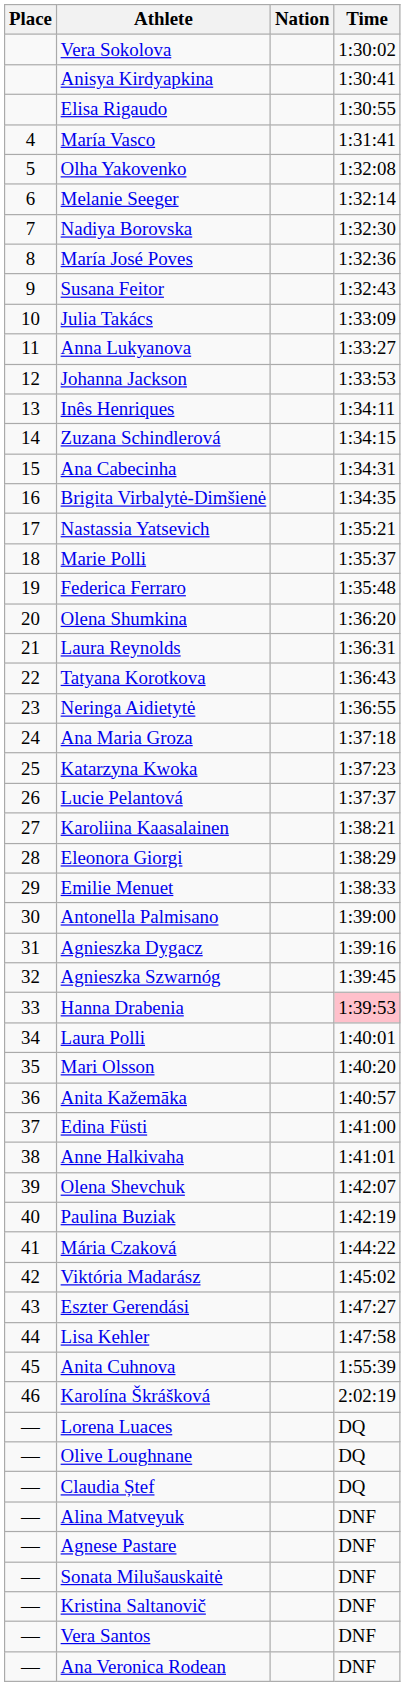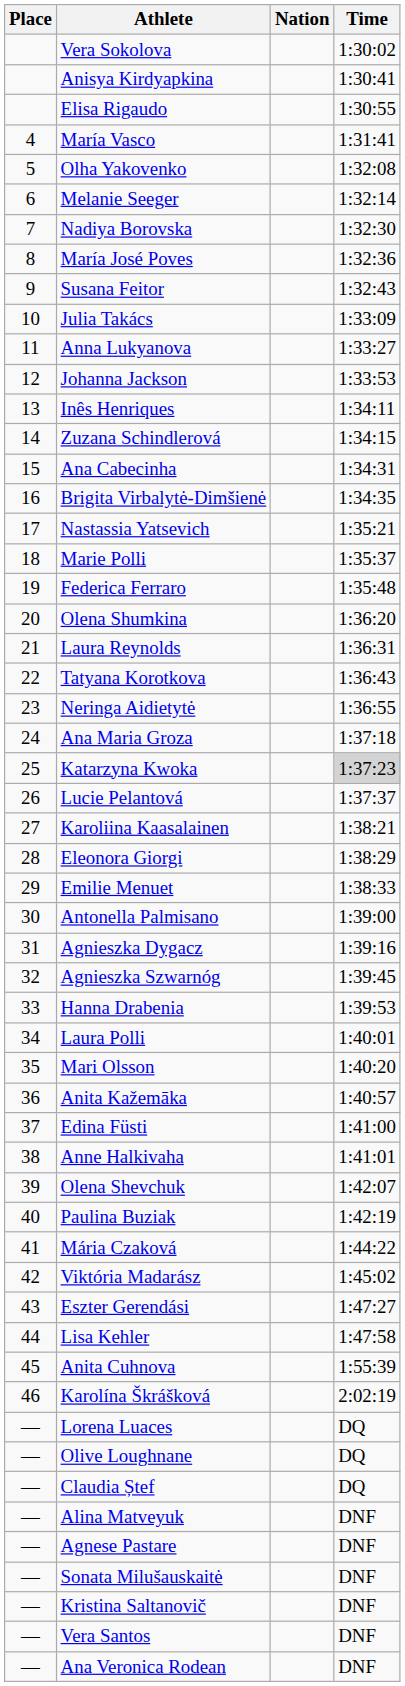 <table class="wikitable sortable">
 <tr>
 <th>Place</th>
 <th>Athlete</th>
 <th>Nation</th>
 <th>Time</th>
 </tr>
 <tr>
 <td align=center></td>
 <td><a href='#'>Vera Sokolova</a></td>
 <td></td>
 <td>1:30:02</td>
 </tr>
 <tr>
 <td align=center></td>
 <td><a href='#'>Anisya Kirdyapkina</a></td>
 <td></td>
 <td>1:30:41</td>
 </tr>
 <tr>
 <td align=center></td>
 <td><a href='#'>Elisa Rigaudo</a></td>
 <td></td>
 <td>1:30:55</td>
 </tr>
 <tr>
 <td align=center>4</td>
 <td><a href='#'>María Vasco</a></td>
 <td></td>
 <td>1:31:41</td>
 </tr>
 <tr>
 <td align=center>5</td>
 <td><a href='#'>Olha Yakovenko</a></td>
 <td></td>
 <td>1:32:08</td>
 </tr>
 <tr>
 <td align=center>6</td>
 <td><a href='#'>Melanie Seeger</a></td>
 <td></td>
 <td>1:32:14</td>
 </tr>
 <tr>
 <td align=center>7</td>
 <td><a href='#'>Nadiya Borovska</a></td>
 <td></td>
 <td>1:32:30</td>
 </tr>
 <tr>
 <td align=center>8</td>
 <td><a href='#'>María José Poves</a></td>
 <td></td>
 <td>1:32:36</td>
 </tr>
 <tr>
 <td align=center>9</td>
 <td><a href='#'>Susana Feitor</a></td>
 <td></td>
 <td>1:32:43</td>
 </tr>
 <tr>
 <td align=center>10</td>
 <td><a href='#'>Julia Takács</a></td>
 <td></td>
 <td>1:33:09</td>
 </tr>
 <tr>
 <td align=center>11</td>
 <td><a href='#'>Anna Lukyanova</a></td>
 <td></td>
 <td>1:33:27</td>
 </tr>
 <tr>
 <td align=center>12</td>
 <td><a href='#'>Johanna Jackson</a></td>
 <td></td>
 <td>1:33:53</td>
 </tr>
 <tr>
 <td align=center>13</td>
 <td><a href='#'>Inês Henriques</a></td>
 <td></td>
 <td>1:34:11</td>
 </tr>
 <tr>
 <td align=center>14</td>
 <td><a href='#'>Zuzana Schindlerová</a></td>
 <td></td>
 <td>1:34:15</td>
 </tr>
 <tr>
 <td align=center>15</td>
 <td><a href='#'>Ana Cabecinha</a></td>
 <td></td>
 <td>1:34:31</td>
 </tr>
 <tr>
 <td align=center>16</td>
 <td><a href='#'>Brigita Virbalytė-Dimšienė</a></td>
 <td></td>
 <td>1:34:35</td>
 </tr>
 <tr>
 <td align=center>17</td>
 <td><a href='#'>Nastassia Yatsevich</a></td>
 <td></td>
 <td>1:35:21</td>
 </tr>
 <tr>
 <td align=center>18</td>
 <td><a href='#'>Marie Polli</a></td>
 <td></td>
 <td>1:35:37</td>
 </tr>
 <tr>
 <td align=center>19</td>
 <td><a href='#'>Federica Ferraro</a></td>
 <td></td>
 <td>1:35:48</td>
 </tr>
 <tr>
 <td align=center>20</td>
 <td><a href='#'>Olena Shumkina</a></td>
 <td></td>
 <td>1:36:20</td>
 </tr>
 <tr>
 <td align=center>21</td>
 <td><a href='#'>Laura Reynolds</a></td>
 <td></td>
 <td>1:36:31</td>
 </tr>
 <tr>
 <td align=center>22</td>
 <td><a href='#'>Tatyana Korotkova</a></td>
 <td></td>
 <td>1:36:43</td>
 </tr>
 <tr>
 <td align=center>23</td>
 <td><a href='#'>Neringa Aidietytė</a></td>
 <td></td>
 <td>1:36:55</td>
 </tr>
 <tr>
 <td align=center>24</td>
 <td><a href='#'>Ana Maria Groza</a></td>
 <td></td>
 <td>1:37:18</td>
 </tr>
 <tr>
 <td align=center>25</td>
 <td><a href='#'>Katarzyna Kwoka</a></td>
 <td></td>
-<td>1:37:23</td>
+<td style="background: lightgrey;">1:37:23</td>
 </tr>
 <tr>
 <td align=center>26</td>
 <td><a href='#'>Lucie Pelantová</a></td>
 <td></td>
 <td>1:37:37</td>
 </tr>
 <tr>
 <td align=center>27</td>
 <td><a href='#'>Karoliina Kaasalainen</a></td>
 <td></td>
 <td>1:38:21</td>
 </tr>
 <tr>
 <td align=center>28</td>
 <td><a href='#'>Eleonora Giorgi</a></td>
 <td></td>
 <td>1:38:29</td>
 </tr>
 <tr>
 <td align=center>29</td>
 <td><a href='#'>Emilie Menuet</a></td>
 <td></td>
 <td>1:38:33</td>
 </tr>
 <tr>
 <td align=center>30</td>
 <td><a href='#'>Antonella Palmisano</a></td>
 <td></td>
 <td>1:39:00</td>
 </tr>
 <tr>
 <td align=center>31</td>
 <td><a href='#'>Agnieszka Dygacz</a></td>
 <td></td>
 <td>1:39:16</td>
 </tr>
 <tr>
 <td align=center>32</td>
 <td><a href='#'>Agnieszka Szwarnóg</a></td>
 <td></td>
 <td>1:39:45</td>
 </tr>
 <tr>
 <td align=center>33</td>
 <td><a href='#'>Hanna Drabenia</a></td>
 <td></td>
-<td style="background: pink;">1:39:53</td>
+<td>1:39:53</td>
 </tr>
 <tr>
 <td align=center>34</td>
 <td><a href='#'>Laura Polli</a></td>
 <td></td>
 <td>1:40:01</td>
 </tr>
 <tr>
 <td align=center>35</td>
 <td><a href='#'>Mari Olsson</a></td>
 <td></td>
 <td>1:40:20</td>
 </tr>
 <tr>
 <td align=center>36</td>
 <td><a href='#'>Anita Kažemāka</a></td>
 <td></td>
 <td>1:40:57</td>
 </tr>
 <tr>
 <td align=center>37</td>
 <td><a href='#'>Edina Füsti</a></td>
 <td></td>
 <td>1:41:00</td>
 </tr>
 <tr>
 <td align=center>38</td>
 <td><a href='#'>Anne Halkivaha</a></td>
 <td></td>
 <td>1:41:01</td>
 </tr>
 <tr>
 <td align=center>39</td>
 <td><a href='#'>Olena Shevchuk</a></td>
 <td></td>
 <td>1:42:07</td>
 </tr>
 <tr>
 <td align=center>40</td>
 <td><a href='#'>Paulina Buziak</a></td>
 <td></td>
 <td>1:42:19</td>
 </tr>
 <tr>
 <td align=center>41</td>
 <td><a href='#'>Mária Czaková</a></td>
 <td></td>
 <td>1:44:22</td>
 </tr>
 <tr>
 <td align=center>42</td>
 <td><a href='#'>Viktória Madarász</a></td>
 <td></td>
 <td>1:45:02</td>
 </tr>
 <tr>
 <td align=center>43</td>
 <td><a href='#'>Eszter Gerendási</a></td>
 <td></td>
 <td>1:47:27</td>
 </tr>
 <tr>
 <td align=center>44</td>
 <td><a href='#'>Lisa Kehler</a></td>
 <td></td>
 <td>1:47:58</td>
 </tr>
 <tr>
 <td align=center>45</td>
 <td><a href='#'>Anita Cuhnova</a></td>
 <td></td>
 <td>1:55:39</td>
 </tr>
 <tr>
 <td align=center>46</td>
 <td><a href='#'>Karolína Škrášková</a></td>
 <td></td>
 <td>2:02:19</td>
 </tr>
 <tr>
 <td align=center>—</td>
 <td><a href='#'>Lorena Luaces</a></td>
 <td></td>
 <td>DQ</td>
 </tr>
 <tr>
 <td align=center>—</td>
 <td><a href='#'>Olive Loughnane</a></td>
 <td></td>
 <td>DQ</td>
 </tr>
 <tr>
 <td align=center>—</td>
 <td><a href='#'>Claudia Ștef</a></td>
 <td></td>
 <td>DQ</td>
 </tr>
 <tr>
 <td align=center>—</td>
 <td><a href='#'>Alina Matveyuk</a></td>
 <td></td>
 <td>DNF</td>
 </tr>
 <tr>
 <td align=center>—</td>
 <td><a href='#'>Agnese Pastare</a></td>
 <td></td>
 <td>DNF</td>
 </tr>
 <tr>
 <td align=center>—</td>
 <td><a href='#'>Sonata Milušauskaitė</a></td>
 <td></td>
 <td>DNF</td>
 </tr>
 <tr>
 <td align=center>—</td>
 <td><a href='#'>Kristina Saltanovič</a></td>
 <td></td>
 <td>DNF</td>
 </tr>
 <tr>
 <td align=center>—</td>
 <td><a href='#'>Vera Santos</a></td>
 <td></td>
 <td>DNF</td>
 </tr>
 <tr>
 <td align=center>—</td>
 <td><a href='#'>Ana Veronica Rodean</a></td>
 <td></td>
 <td>DNF</td>
 </tr>
 </table>
